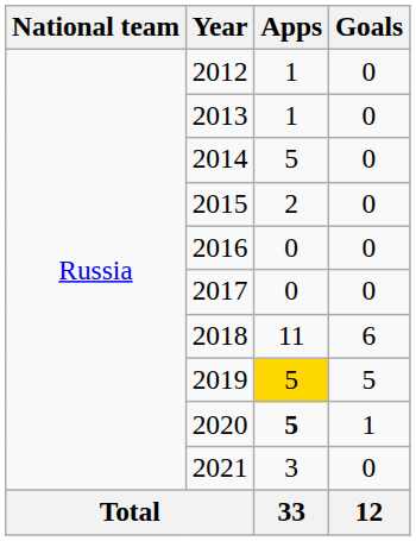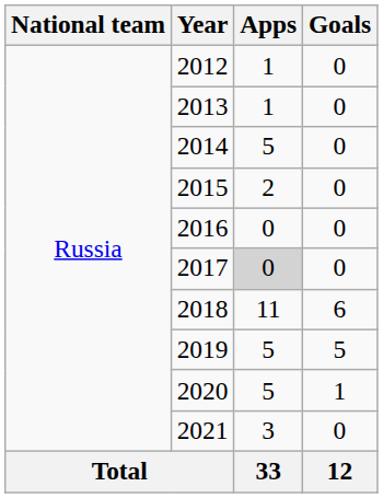 <table class="wikitable" style="text-align:center">
 <tr>
 <th>National team</th>
 <th>Year</th>
 <th>Apps</th>
 <th>Goals</th>
 </tr>
 <tr>
 <td rowspan="10"><a href='#'>Russia</a></td>
 <td>2012</td>
 <td>1</td>
 <td>0</td>
 </tr>
 <tr>
 <td>2013</td>
 <td>1</td>
 <td>0</td>
 </tr>
 <tr>
 <td>2014</td>
 <td>5</td>
 <td>0</td>
 </tr>
 <tr>
 <td>2015</td>
 <td>2</td>
 <td>0</td>
 </tr>
 <tr>
 <td>2016</td>
 <td>0</td>
 <td>0</td>
 </tr>
 <tr>
 <td>2017</td>
-<td>0</td>
+<td style="background: lightgrey;">0</td>
 <td>0</td>
 </tr>
 <tr>
 <td>2018</td>
 <td>11</td>
 <td>6</td>
 </tr>
 <tr>
 <td>2019</td>
-<td style="background: gold;">5</td>
+<td>5</td>
 <td>5</td>
 </tr>
 <tr>
 <td>2020</td>
-<td><strong>5</strong></td>
+<td>5</td>
 <td>1</td>
 </tr>
 <tr>
 <td>2021</td>
 <td>3</td>
 <td>0</td>
 </tr>
 <tr>
 <th colspan="2">Total</th>
 <th>33</th>
 <th>12</th>
 </tr>
 </table>
